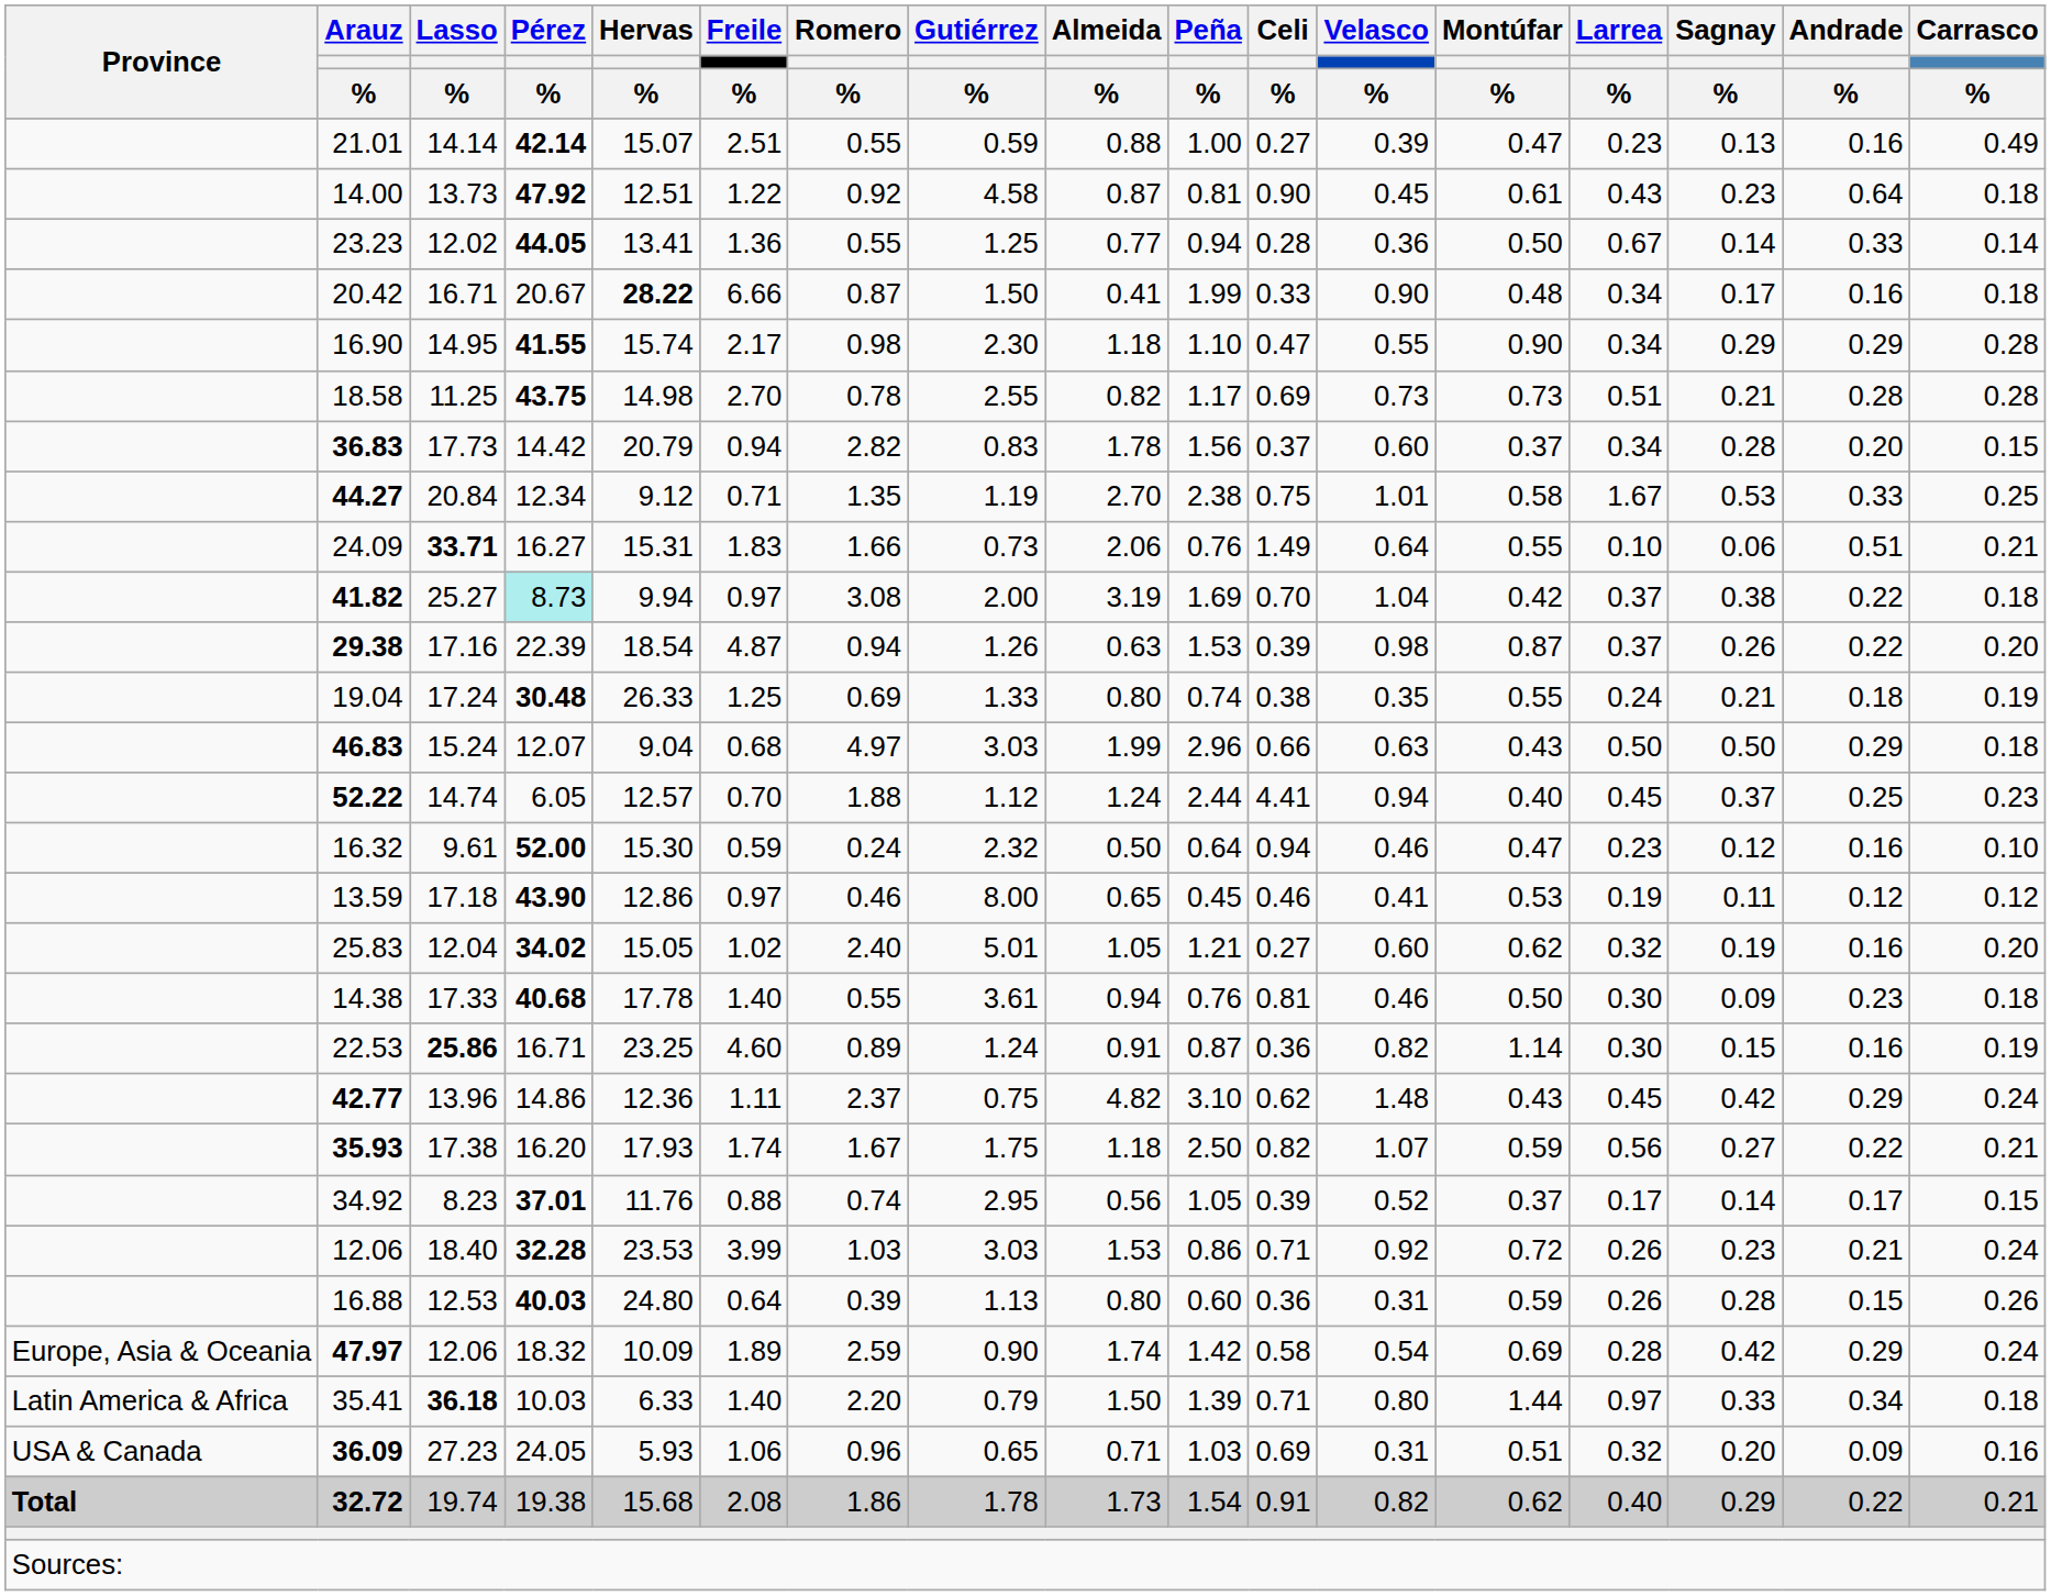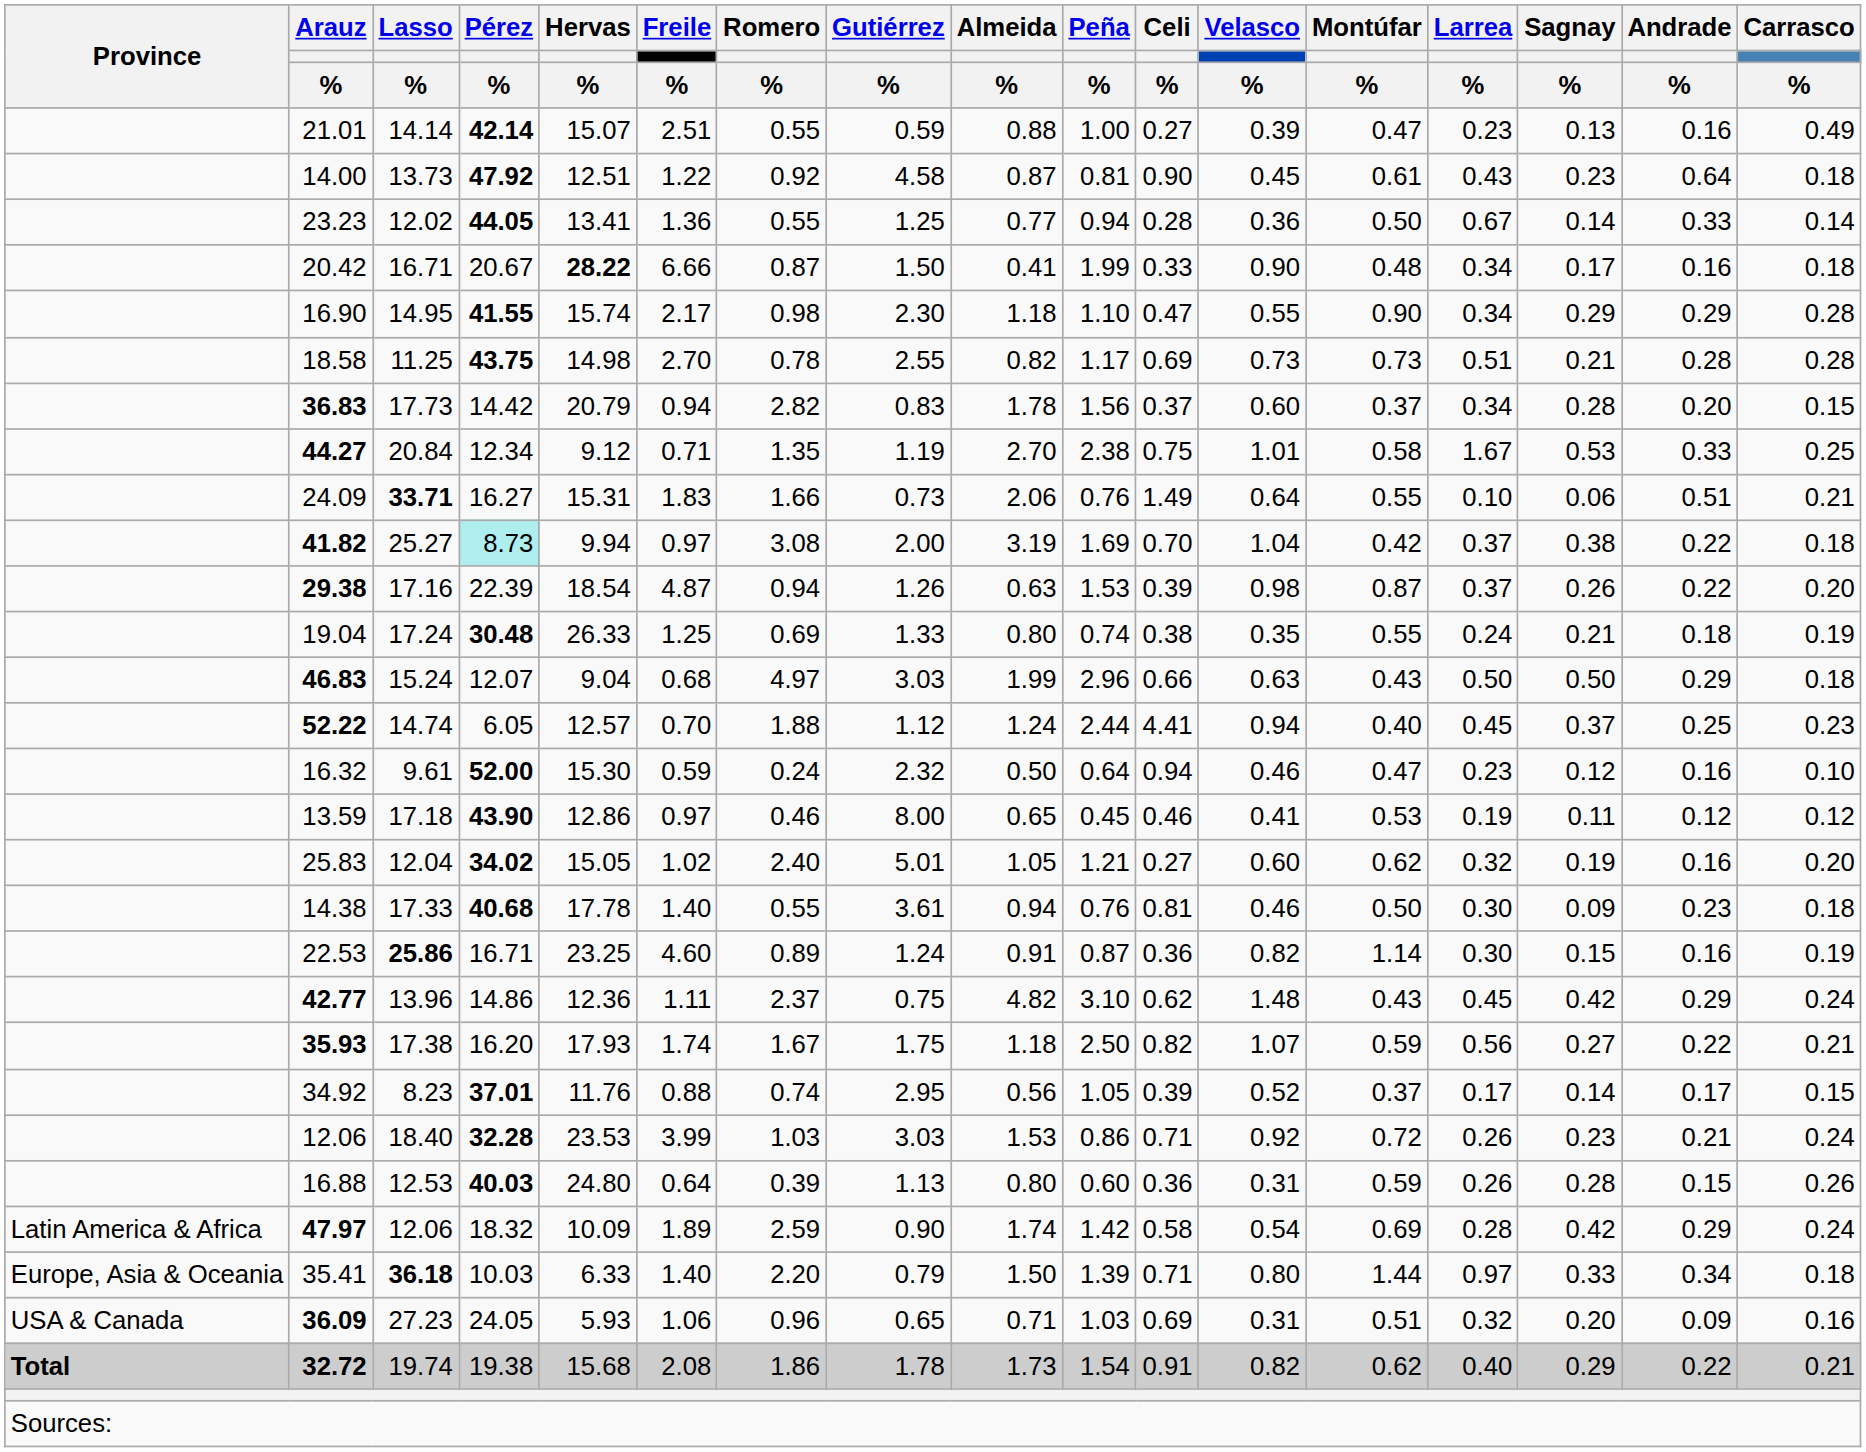 <table class="wikitable sortable" style="text-align:right; font-size:95%; line-height:20px;">
 <tr>
 <th rowspan="3">Province</th>
 <th width="30px" class="unsortable"><a href='#'>Arauz</a></th>
 <th width="30px" class="unsortable"><a href='#'>Lasso</a></th>
 <th width="30px" class="unsortable"><a href='#'>Pérez</a></th>
 <th width="30px" class="unsortable">Hervas</th>
 <th width="30px" class="unsortable"><a href='#'>Freile</a></th>
 <th width="30px" class="unsortable">Romero</th>
 <th width="30px" class="unsortable"><a href='#'>Gutiérrez</a></th>
 <th width="30px" class="unsortable">Almeida</th>
 <th width="30px" class="unsortable"><a href='#'>Peña</a></th>
 <th width="30px" class="unsortable">Celi</th>
 <th width="30px" class="unsortable"><a href='#'>Velasco</a></th>
 <th width="30px" class="unsortable">Montúfar</th>
 <th width="30px" class="unsortable"><a href='#'>Larrea</a></th>
 <th width="30px" class="unsortable">Sagnay</th>
 <th width="30px" class="unsortable">Andrade</th>
 <th width="30px" class="unsortable">Carrasco</th>
 </tr>
 <tr>
 <th style="background:"></th>
 <th style="background:"></th>
 <th style="background:"></th>
 <th style="background:"></th>
 <th style="background:#000000;"></th>
 <th style="background:"></th>
 <th style="background:"></th>
 <th style="background:"></th>
 <th style="background:"></th>
 <th style="background:"></th>
 <th style="background:#0041B3;"></th>
 <th style="background:"></th>
 <th style="background:"></th>
 <th style="background:"></th>
 <th style="background:"></th>
 <th style="background:#4682B4;"></th>
 </tr>
 <tr>
 <th data-sort-type="number">%</th>
 <th data-sort-type="number">%</th>
 <th data-sort-type="number">%</th>
 <th data-sort-type="number">%</th>
 <th data-sort-type="number">%</th>
 <th data-sort-type="number">%</th>
 <th data-sort-type="number">%</th>
 <th data-sort-type="number">%</th>
 <th data-sort-type="number">%</th>
 <th data-sort-type="number">%</th>
 <th data-sort-type="number">%</th>
 <th data-sort-type="number">%</th>
 <th data-sort-type="number">%</th>
 <th data-sort-type="number">%</th>
 <th data-sort-type="number">%</th>
 <th data-sort-type="number">%</th>
 </tr>
 <tr>
 <td align="left"></td>
 <td>21.01</td>
 <td>14.14</td>
 <td style="background:"><strong>42.14</strong></td>
 <td>15.07</td>
 <td>2.51</td>
 <td>0.55</td>
 <td>0.59</td>
 <td>0.88</td>
 <td>1.00</td>
 <td>0.27</td>
 <td>0.39</td>
 <td>0.47</td>
 <td>0.23</td>
 <td>0.13</td>
 <td>0.16</td>
 <td>0.49</td>
 </tr>
 <tr>
 <td align="left"></td>
 <td>14.00</td>
 <td>13.73</td>
 <td style="background:"><strong>47.92</strong></td>
 <td>12.51</td>
 <td>1.22</td>
 <td>0.92</td>
 <td>4.58</td>
 <td>0.87</td>
 <td>0.81</td>
 <td>0.90</td>
 <td>0.45</td>
 <td>0.61</td>
 <td>0.43</td>
 <td>0.23</td>
 <td>0.64</td>
 <td>0.18</td>
 </tr>
 <tr>
 <td align="left"></td>
 <td>23.23</td>
 <td>12.02</td>
 <td style="background:"><strong>44.05</strong></td>
 <td>13.41</td>
 <td>1.36</td>
 <td>0.55</td>
 <td>1.25</td>
 <td>0.77</td>
 <td>0.94</td>
 <td>0.28</td>
 <td>0.36</td>
 <td>0.50</td>
 <td>0.67</td>
 <td>0.14</td>
 <td>0.33</td>
 <td>0.14</td>
 </tr>
 <tr>
 <td align="left"></td>
 <td>20.42</td>
 <td>16.71</td>
 <td>20.67</td>
 <td style="background:"><strong>28.22</strong></td>
 <td>6.66</td>
 <td>0.87</td>
 <td>1.50</td>
 <td>0.41</td>
 <td>1.99</td>
 <td>0.33</td>
 <td>0.90</td>
 <td>0.48</td>
 <td>0.34</td>
 <td>0.17</td>
 <td>0.16</td>
 <td>0.18</td>
 </tr>
 <tr>
 <td align="left"></td>
 <td>16.90</td>
 <td>14.95</td>
 <td style="background:"><strong>41.55</strong></td>
 <td>15.74</td>
 <td>2.17</td>
 <td>0.98</td>
 <td>2.30</td>
 <td>1.18</td>
 <td>1.10</td>
 <td>0.47</td>
 <td>0.55</td>
 <td>0.90</td>
 <td>0.34</td>
 <td>0.29</td>
 <td>0.29</td>
 <td>0.28</td>
 </tr>
 <tr>
 <td align="left"></td>
 <td>18.58</td>
 <td>11.25</td>
 <td style="background:"><strong>43.75</strong></td>
 <td>14.98</td>
 <td>2.70</td>
 <td>0.78</td>
 <td>2.55</td>
 <td>0.82</td>
 <td>1.17</td>
 <td>0.69</td>
 <td>0.73</td>
 <td>0.73</td>
 <td>0.51</td>
 <td>0.21</td>
 <td>0.28</td>
 <td>0.28</td>
 </tr>
 <tr>
 <td align="left"></td>
 <td style="background:"><strong>36.83</strong></td>
 <td>17.73</td>
 <td>14.42</td>
 <td>20.79</td>
 <td>0.94</td>
 <td>2.82</td>
 <td>0.83</td>
 <td>1.78</td>
 <td>1.56</td>
 <td>0.37</td>
 <td>0.60</td>
 <td>0.37</td>
 <td>0.34</td>
 <td>0.28</td>
 <td>0.20</td>
 <td>0.15</td>
 </tr>
 <tr>
 <td align="left"></td>
 <td style="background:"><strong>44.27</strong></td>
 <td>20.84</td>
 <td>12.34</td>
 <td>9.12</td>
 <td>0.71</td>
 <td>1.35</td>
 <td>1.19</td>
 <td>2.70</td>
 <td>2.38</td>
 <td>0.75</td>
 <td>1.01</td>
 <td>0.58</td>
 <td>1.67</td>
 <td>0.53</td>
 <td>0.33</td>
 <td>0.25</td>
 </tr>
 <tr>
 <td align="left"></td>
 <td>24.09</td>
 <td style="background:"><strong>33.71</strong></td>
 <td>16.27</td>
 <td>15.31</td>
 <td>1.83</td>
 <td>1.66</td>
 <td>0.73</td>
 <td>2.06</td>
 <td>0.76</td>
 <td>1.49</td>
 <td>0.64</td>
 <td>0.55</td>
 <td>0.10</td>
 <td>0.06</td>
 <td>0.51</td>
 <td>0.21</td>
 </tr>
 <tr>
 <td align="left"></td>
 <td style="background:"><strong>41.82</strong></td>
 <td>25.27</td>
 <td style="background: paleturquoise;">8.73</td>
 <td>9.94</td>
 <td>0.97</td>
 <td>3.08</td>
 <td>2.00</td>
 <td>3.19</td>
 <td>1.69</td>
 <td>0.70</td>
 <td>1.04</td>
 <td>0.42</td>
 <td>0.37</td>
 <td>0.38</td>
 <td>0.22</td>
 <td>0.18</td>
 </tr>
 <tr>
 <td align="left"></td>
 <td style="background:"><strong>29.38</strong></td>
 <td>17.16</td>
 <td>22.39</td>
 <td>18.54</td>
 <td>4.87</td>
 <td>0.94</td>
 <td>1.26</td>
 <td>0.63</td>
 <td>1.53</td>
 <td>0.39</td>
 <td>0.98</td>
 <td>0.87</td>
 <td>0.37</td>
 <td>0.26</td>
 <td>0.22</td>
 <td>0.20</td>
 </tr>
 <tr>
 <td align="left"></td>
 <td>19.04</td>
 <td>17.24</td>
 <td style="background:"><strong>30.48</strong></td>
 <td>26.33</td>
 <td>1.25</td>
 <td>0.69</td>
 <td>1.33</td>
 <td>0.80</td>
 <td>0.74</td>
 <td>0.38</td>
 <td>0.35</td>
 <td>0.55</td>
 <td>0.24</td>
 <td>0.21</td>
 <td>0.18</td>
 <td>0.19</td>
 </tr>
 <tr>
 <td align="left"></td>
 <td style="background:"><strong>46.83</strong></td>
 <td>15.24</td>
 <td>12.07</td>
 <td>9.04</td>
 <td>0.68</td>
 <td>4.97</td>
 <td>3.03</td>
 <td>1.99</td>
 <td>2.96</td>
 <td>0.66</td>
 <td>0.63</td>
 <td>0.43</td>
 <td>0.50</td>
 <td>0.50</td>
 <td>0.29</td>
 <td>0.18</td>
 </tr>
 <tr>
 <td align="left"></td>
 <td style="background:"><strong>52.22</strong></td>
 <td>14.74</td>
 <td>6.05</td>
 <td>12.57</td>
 <td>0.70</td>
 <td>1.88</td>
 <td>1.12</td>
 <td>1.24</td>
 <td>2.44</td>
 <td>4.41</td>
 <td>0.94</td>
 <td>0.40</td>
 <td>0.45</td>
 <td>0.37</td>
 <td>0.25</td>
 <td>0.23</td>
 </tr>
 <tr>
 <td align="left"></td>
 <td>16.32</td>
 <td>9.61</td>
 <td style="background:"><strong>52.00</strong></td>
 <td>15.30</td>
 <td>0.59</td>
 <td>0.24</td>
 <td>2.32</td>
 <td>0.50</td>
 <td>0.64</td>
 <td>0.94</td>
 <td>0.46</td>
 <td>0.47</td>
 <td>0.23</td>
 <td>0.12</td>
 <td>0.16</td>
 <td>0.10</td>
 </tr>
 <tr>
 <td align="left"></td>
 <td>13.59</td>
 <td>17.18</td>
 <td style="background:"><strong>43.90</strong></td>
 <td>12.86</td>
 <td>0.97</td>
 <td>0.46</td>
 <td>8.00</td>
 <td>0.65</td>
 <td>0.45</td>
 <td>0.46</td>
 <td>0.41</td>
 <td>0.53</td>
 <td>0.19</td>
 <td>0.11</td>
 <td>0.12</td>
 <td>0.12</td>
 </tr>
 <tr>
 <td align="left"></td>
 <td>25.83</td>
 <td>12.04</td>
 <td style="background:"><strong>34.02</strong></td>
 <td>15.05</td>
 <td>1.02</td>
 <td>2.40</td>
 <td>5.01</td>
 <td>1.05</td>
 <td>1.21</td>
 <td>0.27</td>
 <td>0.60</td>
 <td>0.62</td>
 <td>0.32</td>
 <td>0.19</td>
 <td>0.16</td>
 <td>0.20</td>
 </tr>
 <tr>
 <td align="left"></td>
 <td>14.38</td>
 <td>17.33</td>
 <td style="background:"><strong>40.68</strong></td>
 <td>17.78</td>
 <td>1.40</td>
 <td>0.55</td>
 <td>3.61</td>
 <td>0.94</td>
 <td>0.76</td>
 <td>0.81</td>
 <td>0.46</td>
 <td>0.50</td>
 <td>0.30</td>
 <td>0.09</td>
 <td>0.23</td>
 <td>0.18</td>
 </tr>
 <tr>
 <td align="left"></td>
 <td>22.53</td>
 <td style="background:"><strong>25.86</strong></td>
 <td>16.71</td>
 <td>23.25</td>
 <td>4.60</td>
 <td>0.89</td>
 <td>1.24</td>
 <td>0.91</td>
 <td>0.87</td>
 <td>0.36</td>
 <td>0.82</td>
 <td>1.14</td>
 <td>0.30</td>
 <td>0.15</td>
 <td>0.16</td>
 <td>0.19</td>
 </tr>
 <tr>
 <td align="left"></td>
 <td style="background:"><strong>42.77</strong></td>
 <td>13.96</td>
 <td>14.86</td>
 <td>12.36</td>
 <td>1.11</td>
 <td>2.37</td>
 <td>0.75</td>
 <td>4.82</td>
 <td>3.10</td>
 <td>0.62</td>
 <td>1.48</td>
 <td>0.43</td>
 <td>0.45</td>
 <td>0.42</td>
 <td>0.29</td>
 <td>0.24</td>
 </tr>
 <tr>
 <td align="left"></td>
 <td style="background:"><strong>35.93</strong></td>
 <td>17.38</td>
 <td>16.20</td>
 <td>17.93</td>
 <td>1.74</td>
 <td>1.67</td>
 <td>1.75</td>
 <td>1.18</td>
 <td>2.50</td>
 <td>0.82</td>
 <td>1.07</td>
 <td>0.59</td>
 <td>0.56</td>
 <td>0.27</td>
 <td>0.22</td>
 <td>0.21</td>
 </tr>
 <tr>
 <td align="left"></td>
 <td>34.92</td>
 <td>8.23</td>
 <td style="background:"><strong>37.01</strong></td>
 <td>11.76</td>
 <td>0.88</td>
 <td>0.74</td>
 <td>2.95</td>
 <td>0.56</td>
 <td>1.05</td>
 <td>0.39</td>
 <td>0.52</td>
 <td>0.37</td>
 <td>0.17</td>
 <td>0.14</td>
 <td>0.17</td>
 <td>0.15</td>
 </tr>
 <tr>
 <td align="left"></td>
 <td>12.06</td>
 <td>18.40</td>
 <td style="background:"><strong>32.28</strong></td>
 <td>23.53</td>
 <td>3.99</td>
 <td>1.03</td>
 <td>3.03</td>
 <td>1.53</td>
 <td>0.86</td>
 <td>0.71</td>
 <td>0.92</td>
 <td>0.72</td>
 <td>0.26</td>
 <td>0.23</td>
 <td>0.21</td>
 <td>0.24</td>
 </tr>
 <tr>
 <td align="left"></td>
 <td>16.88</td>
 <td>12.53</td>
 <td style="background:"><strong>40.03</strong></td>
 <td>24.80</td>
 <td>0.64</td>
 <td>0.39</td>
 <td>1.13</td>
 <td>0.80</td>
 <td>0.60</td>
 <td>0.36</td>
 <td>0.31</td>
 <td>0.59</td>
 <td>0.26</td>
 <td>0.28</td>
 <td>0.15</td>
 <td>0.26</td>
 </tr>
 <tr>
-<td align="left">Europe, Asia & Oceania</td>
+<td align="left">Latin America & Africa</td>
 <td style="background:"><strong>47.97</strong></td>
 <td>12.06</td>
 <td>18.32</td>
 <td>10.09</td>
 <td>1.89</td>
 <td>2.59</td>
 <td>0.90</td>
 <td>1.74</td>
 <td>1.42</td>
 <td>0.58</td>
 <td>0.54</td>
 <td>0.69</td>
 <td>0.28</td>
 <td>0.42</td>
 <td>0.29</td>
 <td>0.24</td>
 </tr>
 <tr>
-<td align="left">Latin America & Africa</td>
+<td align="left">Europe, Asia & Oceania</td>
 <td>35.41</td>
 <td style="background:"><strong>36.18</strong></td>
 <td>10.03</td>
 <td>6.33</td>
 <td>1.40</td>
 <td>2.20</td>
 <td>0.79</td>
 <td>1.50</td>
 <td>1.39</td>
 <td>0.71</td>
 <td>0.80</td>
 <td>1.44</td>
 <td>0.97</td>
 <td>0.33</td>
 <td>0.34</td>
 <td>0.18</td>
 </tr>
 <tr>
 <td align="left">USA & Canada</td>
 <td style="background:"><strong>36.09</strong></td>
 <td>27.23</td>
 <td>24.05</td>
 <td>5.93</td>
 <td>1.06</td>
 <td>0.96</td>
 <td>0.65</td>
 <td>0.71</td>
 <td>1.03</td>
 <td>0.69</td>
 <td>0.31</td>
 <td>0.51</td>
 <td>0.32</td>
 <td>0.20</td>
 <td>0.09</td>
 <td>0.16</td>
 </tr>
 <tr style="background:#CDCDCD;">
 <td align="left"><strong>Total</strong></td>
 <td style="background:"><strong>32.72</strong></td>
 <td>19.74</td>
 <td>19.38</td>
 <td>15.68</td>
 <td>2.08</td>
 <td>1.86</td>
 <td>1.78</td>
 <td>1.73</td>
 <td>1.54</td>
 <td>0.91</td>
 <td>0.82</td>
 <td>0.62</td>
 <td>0.40</td>
 <td>0.29</td>
 <td>0.22</td>
 <td>0.21</td>
 </tr>
 <tr>
 <th colspan="17"></th>
 </tr>
 <tr>
 <th colspan="17" style="text-align:left; font-weight:normal; background:#F9F9F9">Sources:  </th>
 </tr>
 </table>
